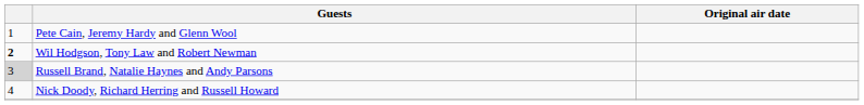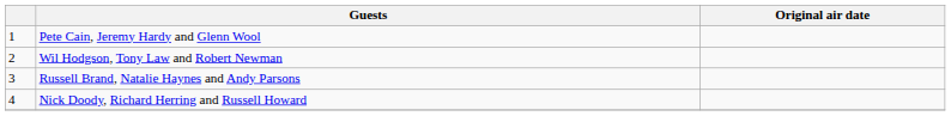 <table class="wikitable sortable" style="width:90%;">
 <tr>
 <th></th>
 <th>Guests</th>
 <th>Original air date</th>
 </tr>
 <tr>
 <td>1</td>
 <td><a href='#'>Pete Cain</a>, <a href='#'>Jeremy Hardy</a> and <a href='#'>Glenn Wool</a></td>
 <td></td>
 </tr>
 <tr>
-<td><strong>2</strong></td>
+<td>2</td>
 <td><a href='#'>Wil Hodgson</a>, <a href='#'>Tony Law</a> and <a href='#'>Robert Newman</a></td>
 <td></td>
 </tr>
 <tr>
-<td style="background: lightgrey;">3</td>
+<td>3</td>
 <td><a href='#'>Russell Brand</a>, <a href='#'>Natalie Haynes</a> and <a href='#'>Andy Parsons</a></td>
 <td></td>
 </tr>
 <tr>
 <td>4</td>
 <td><a href='#'>Nick Doody</a>, <a href='#'>Richard Herring</a> and <a href='#'>Russell Howard</a></td>
 <td></td>
 </tr>
 <tr>
 </tr>
 </table>
